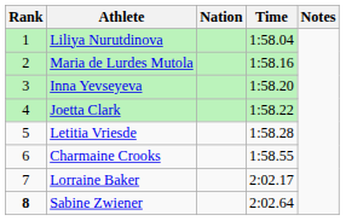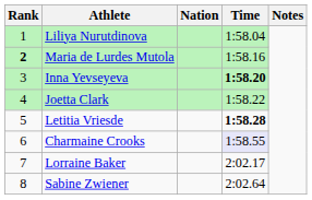 <table class="wikitable sortable" style="text-align:center">
 <tr>
 <th>Rank</th>
 <th>Athlete</th>
 <th>Nation</th>
 <th>Time</th>
 <th>Notes</th>
 </tr>
 <tr style="background:#bbf3bb;">
 <td>1</td>
 <td align=left><a href='#'>Liliya Nurutdinova</a></td>
 <td align=left></td>
 <td>1:58.04</td>
 </tr>
 <tr style="background:#bbf3bb;">
-<td>2</td>
+<td><strong>2</strong></td>
 <td align=left><a href='#'>Maria de Lurdes Mutola</a></td>
 <td align=left></td>
 <td>1:58.16</td>
 </tr>
 <tr style="background:#bbf3bb;">
 <td>3</td>
 <td align=left><a href='#'>Inna Yevseyeva</a></td>
 <td align=left></td>
-<td>1:58.20</td>
+<td><strong>1:58.20</strong></td>
 </tr>
 <tr style="background:#bbf3bb;">
 <td>4</td>
 <td align=left><a href='#'>Joetta Clark</a></td>
 <td align=left></td>
 <td>1:58.22</td>
 </tr>
 <tr>
 <td>5</td>
 <td align=left><a href='#'>Letitia Vriesde</a></td>
 <td align=left></td>
-<td>1:58.28</td>
+<td><strong>1:58.28</strong></td>
 </tr>
 <tr>
 <td>6</td>
 <td align=left><a href='#'>Charmaine Crooks</a></td>
 <td align=left></td>
-<td>1:58.55</td>
+<td style="background: lavender;">1:58.55</td>
 </tr>
 <tr>
 <td>7</td>
 <td align=left><a href='#'>Lorraine Baker</a></td>
 <td align=left></td>
 <td>2:02.17</td>
 </tr>
 <tr>
-<td><strong>8</strong></td>
+<td>8</td>
 <td align=left><a href='#'>Sabine Zwiener</a></td>
 <td align=left></td>
 <td>2:02.64</td>
 </tr>
 </table>
